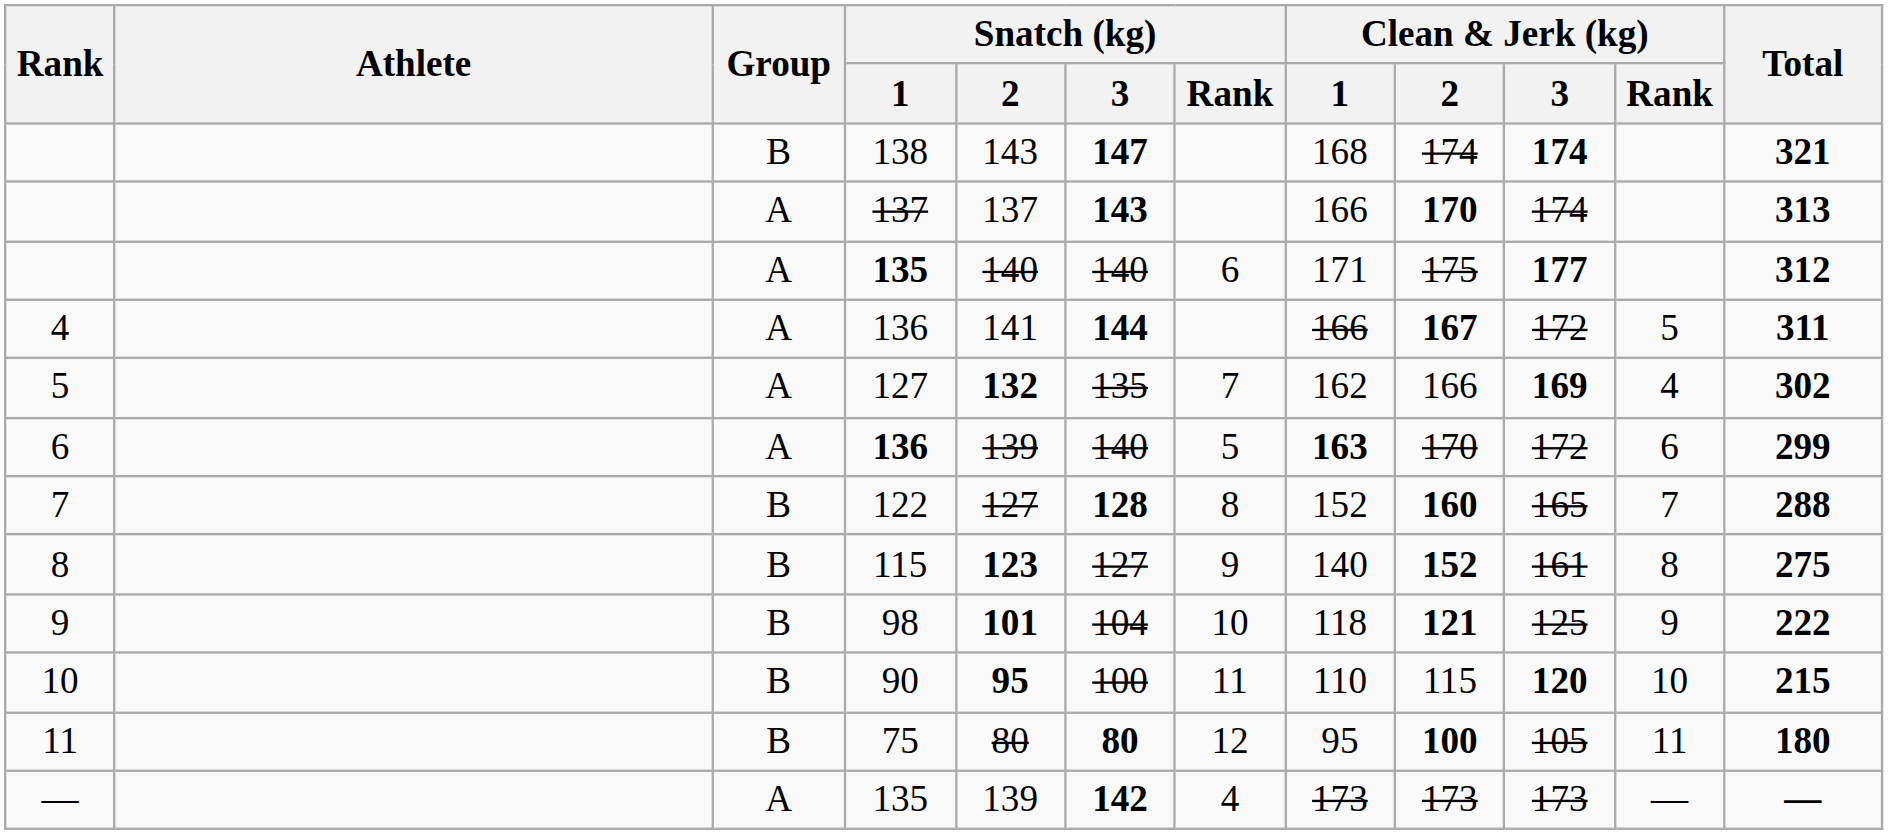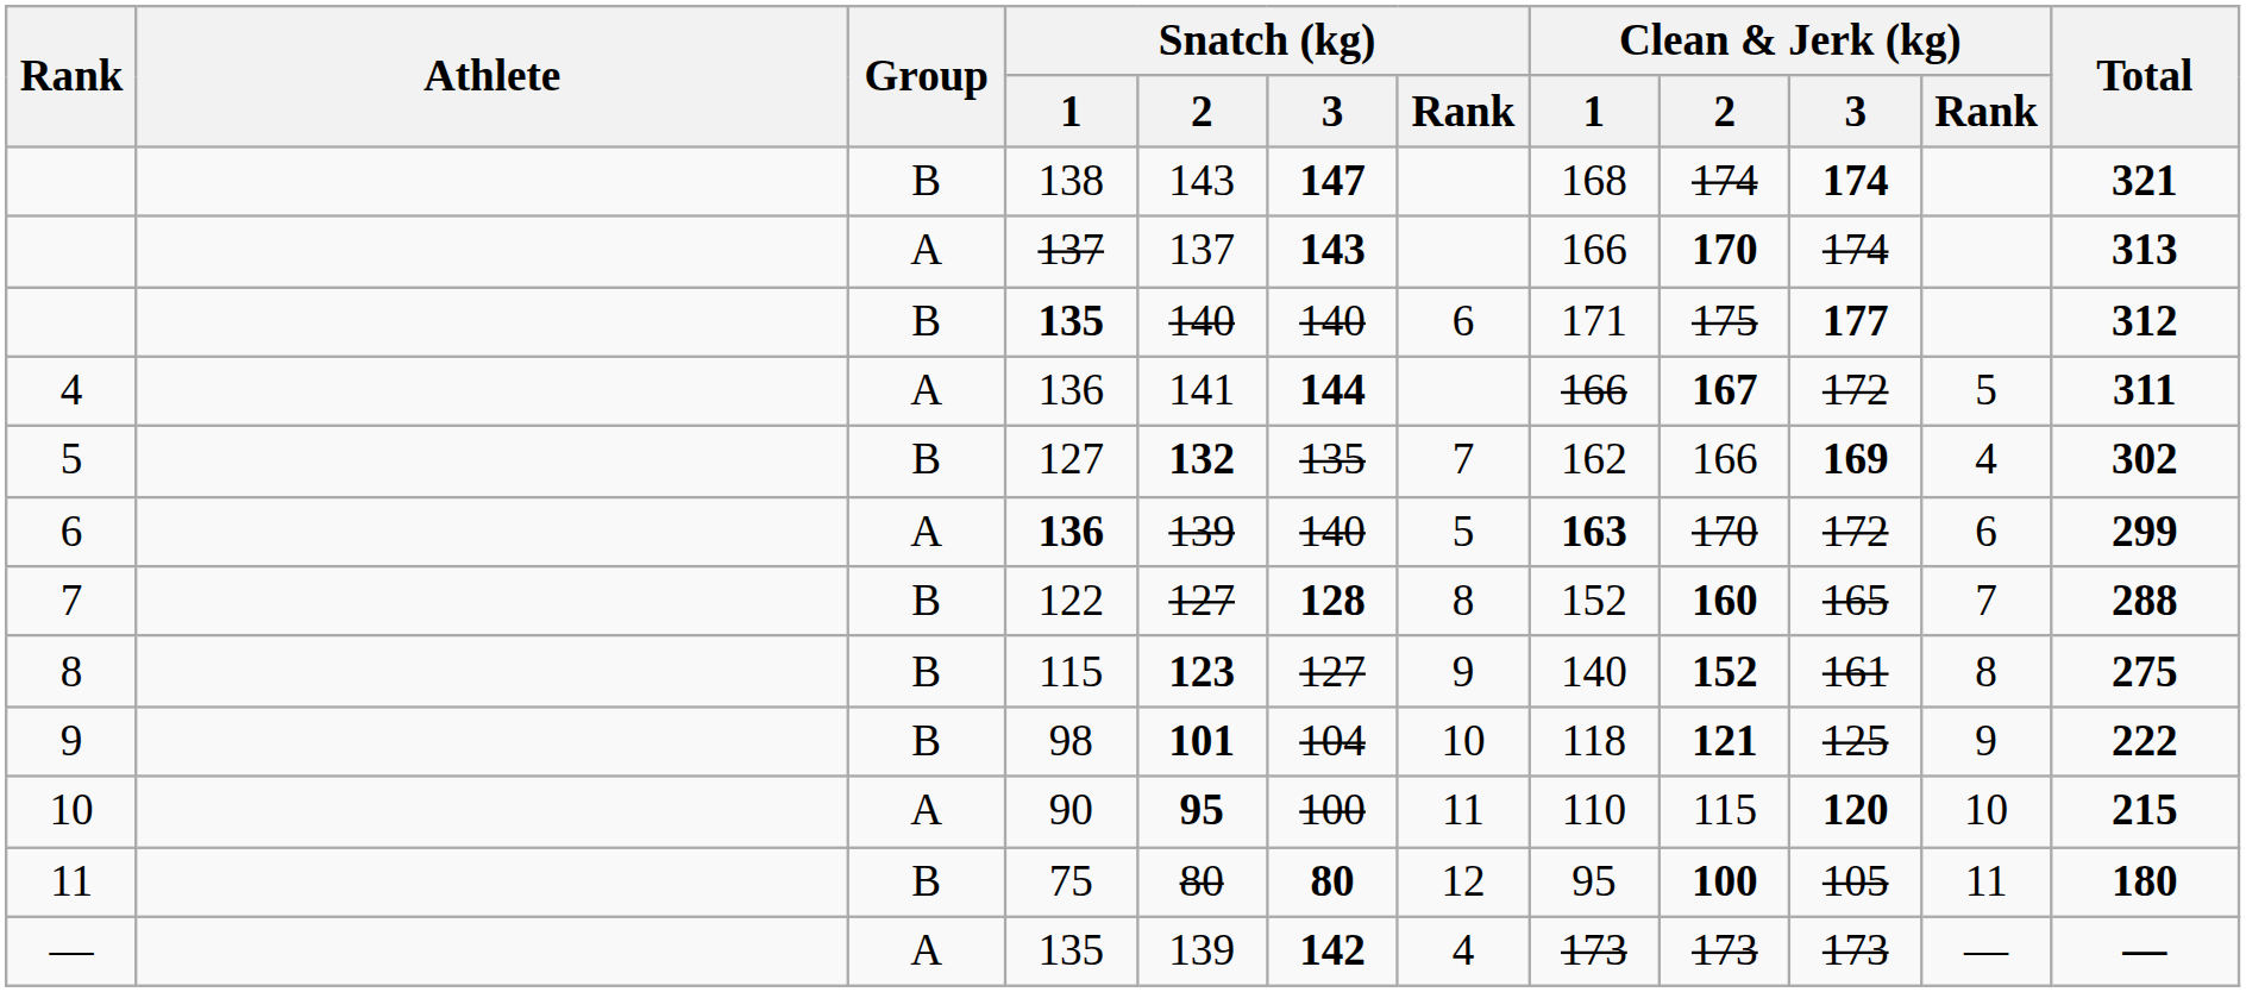 <table class = "wikitable" style="text-align:center;">
 <tr>
 <th rowspan=2 width=40>Rank</th>
 <th rowspan=2 width=250>Athlete</th>
 <th rowspan=2 width=50>Group</th>
 <th colspan=4>Snatch (kg)</th>
 <th colspan=4>Clean & Jerk (kg)</th>
 <th rowspan=2 width=60>Total</th>
 </tr>
 <tr>
 <th width=40>1</th>
 <th width=40>2</th>
 <th width=40>3</th>
 <th width=40>Rank</th>
 <th width=40>1</th>
 <th width=40>2</th>
 <th width=40>3</th>
 <th width=40>Rank</th>
 </tr>
 <tr>
 <td></td>
 <td align=left></td>
 <td>B</td>
 <td>138</td>
 <td>143</td>
 <td><strong>147</strong></td>
 <td></td>
 <td>168</td>
 <td><s>174</s></td>
 <td><strong>174</strong></td>
 <td></td>
 <td><strong>321</strong></td>
 </tr>
 <tr>
 <td></td>
 <td align=left></td>
 <td>A</td>
 <td><s>137</s></td>
 <td>137</td>
 <td><strong>143</strong></td>
 <td></td>
 <td>166</td>
 <td><strong>170</strong></td>
 <td><s>174</s></td>
 <td></td>
 <td><strong>313</strong></td>
 </tr>
 <tr>
 <td></td>
 <td align=left></td>
-<td>A</td>
+<td>B</td>
 <td><strong>135</strong></td>
 <td><s>140</s></td>
 <td><s>140</s></td>
 <td>6</td>
 <td>171</td>
 <td><s>175</s></td>
 <td><strong>177</strong></td>
 <td></td>
 <td><strong>312</strong></td>
 </tr>
 <tr>
 <td>4</td>
 <td align=left></td>
 <td>A</td>
 <td>136</td>
 <td>141</td>
 <td><strong>144</strong></td>
 <td></td>
 <td><s>166</s></td>
 <td><strong>167</strong></td>
 <td><s>172</s></td>
 <td>5</td>
 <td><strong>311</strong></td>
 </tr>
 <tr>
 <td>5</td>
 <td align=left></td>
-<td>A</td>
+<td>B</td>
 <td>127</td>
 <td><strong>132</strong></td>
 <td><s>135</s></td>
 <td>7</td>
 <td>162</td>
 <td>166</td>
 <td><strong>169</strong></td>
 <td>4</td>
 <td><strong>302</strong></td>
 </tr>
 <tr>
 <td>6</td>
 <td align=left></td>
 <td>A</td>
 <td><strong>136</strong></td>
 <td><s>139</s></td>
 <td><s>140</s></td>
 <td>5</td>
 <td><strong>163</strong></td>
 <td><s>170</s></td>
 <td><s>172</s></td>
 <td>6</td>
 <td><strong>299</strong></td>
 </tr>
 <tr>
 <td>7</td>
 <td align=left></td>
 <td>B</td>
 <td>122</td>
 <td><s>127</s></td>
 <td><strong>128</strong></td>
 <td>8</td>
 <td>152</td>
 <td><strong>160</strong></td>
 <td><s>165</s></td>
 <td>7</td>
 <td><strong>288</strong></td>
 </tr>
 <tr>
 <td>8</td>
 <td align=left></td>
 <td>B</td>
 <td>115</td>
 <td><strong>123</strong></td>
 <td><s>127</s></td>
 <td>9</td>
 <td>140</td>
 <td><strong>152</strong></td>
 <td><s>161</s></td>
 <td>8</td>
 <td><strong>275</strong></td>
 </tr>
 <tr>
 <td>9</td>
 <td align=left></td>
 <td>B</td>
 <td>98</td>
 <td><strong>101</strong></td>
 <td><s>104</s></td>
 <td>10</td>
 <td>118</td>
 <td><strong>121</strong></td>
 <td><s>125</s></td>
 <td>9</td>
 <td><strong>222</strong></td>
 </tr>
 <tr>
 <td>10</td>
 <td align=left></td>
-<td>B</td>
+<td>A</td>
 <td>90</td>
 <td><strong>95</strong></td>
 <td><s>100</s></td>
 <td>11</td>
 <td>110</td>
 <td>115</td>
 <td><strong>120</strong></td>
 <td>10</td>
 <td><strong>215</strong></td>
 </tr>
 <tr>
 <td>11</td>
 <td align=left></td>
 <td>B</td>
 <td>75</td>
 <td><s>80</s></td>
 <td><strong>80</strong></td>
 <td>12</td>
 <td>95</td>
 <td><strong>100</strong></td>
 <td><s>105</s></td>
 <td>11</td>
 <td><strong>180</strong></td>
 </tr>
 <tr>
 <td>—</td>
 <td align=left></td>
 <td>A</td>
 <td>135</td>
 <td>139</td>
 <td><strong>142</strong></td>
 <td>4</td>
 <td><s>173</s></td>
 <td><s>173</s></td>
 <td><s>173</s></td>
 <td>—</td>
 <td><strong>—</strong></td>
 </tr>
 </table>
